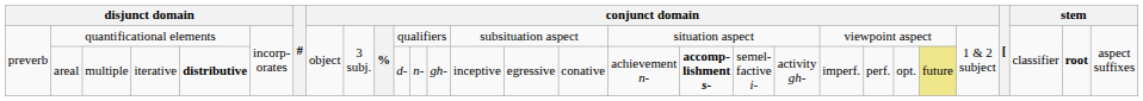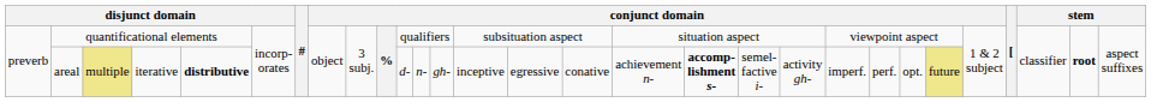 <table class="wikitable" style="text-align: center">
 <tr>
 <th colspan="6">disjunct domain</th>
 <th rowspan="3">#</th>
 <th colspan="18">conjunct domain</th>
 <th rowspan="3">[</th>
 <th colspan="3">stem</th>
 </tr>
 <tr>
 <td rowspan="2">preverb</td>
 <td colspan="4">quantificational elements</td>
 <td rowspan="2">incorp-orates</td>
 <td rowspan="2">object</td>
 <td rowspan="2">3 subj.</td>
 <th rowspan="2">%</th>
 <td colspan="3">qualifiers</td>
 <td colspan="3">subsituation aspect</td>
 <td colspan="4">situation aspect</td>
 <td colspan="4">viewpoint aspect</td>
 <td rowspan="2">1 & 2 subject</td>
 <td rowspan="2">classifier</td>
 <td rowspan="2"><strong>root</strong></td>
 <td rowspan="2">aspect suffixes</td>
 </tr>
 <tr>
 <td>areal</td>
-<td>multiple</td>
+<td style="background: khaki;">multiple</td>
 <td>iterative</td>
 <td><strong>distributive</strong></td>
 <td><em>d-</em></td>
 <td><em>n-</em></td>
 <td><em>gh-</em></td>
 <td>inceptive</td>
 <td>egressive</td>
 <td>conative</td>
 <td>achievement <em>n-</em></td>
 <td><strong>accomp-lishment <em>s-</em></strong></td>
 <td>semel-factive <em>i-</em></td>
 <td>activity <em>gh-</em></td>
 <td>imperf.</td>
 <td>perf.</td>
 <td>opt.</td>
 <td style="background: khaki;">future</td>
 </tr>
 </table>
